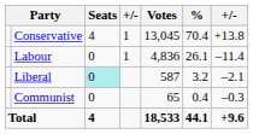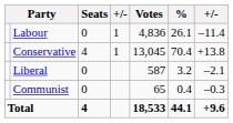 <table class="wikitable sortable">
 <tr>
 <th colspan="2">Party</th>
 <th>Seats</th>
 <th>+/-</th>
 <th>Votes</th>
 <th>%</th>
 <th>+/-</th>
+</tr>
+<tr>
+<td style="background-color: "></td>
+<td><a href='#'>Labour</a></td>
+<td>0</td>
+<td> 1</td>
+<td style="text-align:right;">4,836</td>
+<td style="text-align:right;">26.1</td>
+<td style="text-align:right;">–11.4</td>
 </tr>
 <tr>
 <td style="background-color: "></td>
 <td><a href='#'>Conservative</a></td>
 <td>4</td>
 <td> 1</td>
 <td style="text-align:right;">13,045</td>
 <td style="text-align:right;">70.4</td>
 <td style="text-align:right;">+13.8</td>
 </tr>
 <tr>
 <td style="background-color: "></td>
-<td><a href='#'>Labour</a></td>
+<td><a href='#'>Liberal</a></td>
 <td>0</td>
-<td> 1</td>
-<td style="text-align:right;">4,836</td>
-<td style="text-align:right;">26.1</td>
-<td style="text-align:right;">–11.4</td>
-</tr>
-<tr>
-<td style="background-color: "></td>
-<td><a href='#'>Liberal</a></td>
-<td style="background: paleturquoise;">0</td>
 <td></td>
 <td style="text-align:right;">587</td>
 <td style="text-align:right;">3.2</td>
 <td style="text-align:right;">–2.1</td>
 </tr>
 <tr>
 <td style="background-color: "></td>
 <td><a href='#'>Communist</a></td>
 <td>0</td>
 <td></td>
 <td style="text-align:right;">65</td>
 <td style="text-align:right;">0.4</td>
 <td style="text-align:right;">–0.3</td>
 </tr>
 <tr>
 <td colspan="2"><strong>Total</strong></td>
 <td><strong>4</strong></td>
 <td></td>
 <td style="text-align:right;"><strong>18,533</strong></td>
 <td style="text-align:right;"><strong>44.1</strong></td>
 <td style="text-align:right;"><strong>+9.6</strong></td>
 </tr>
 </table>
